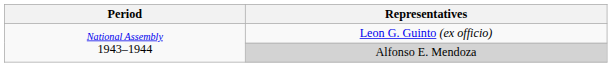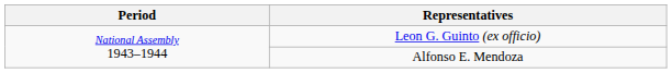 <table class="wikitable" style="text-align:center; width:40%;">
 <tr>
 <th width="40%">Period</th>
 <th>Representatives</th>
 </tr>
 <tr>
 <td rowspan="2"><small><a href='#'><em>National Assembly</em></a></small><br>1943–1944</td>
 <td><a href='#'>Leon G. Guinto</a> <em>(ex officio)</em></td>
 </tr>
 <tr>
-<td style="background: lightgrey;">Alfonso E. Mendoza</td>
+<td>Alfonso E. Mendoza</td>
 </tr>
 </table>
